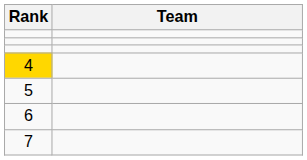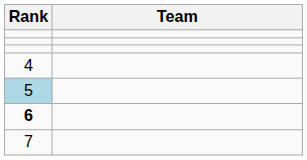 <table class="wikitable" style="text-align: center;">
 <tr>
 <th width=40>Rank</th>
 <th width=240>Team</th>
 </tr>
 <tr>
 <td></td>
 <td align=left></td>
 </tr>
 <tr>
 <td></td>
 <td align=left></td>
 </tr>
 <tr>
 <td></td>
 <td align=left></td>
 </tr>
 <tr>
-<td style="background: gold;">4</td>
+<td>4</td>
 <td align=left></td>
 </tr>
 <tr>
-<td>5</td>
+<td style="background: lightblue;">5</td>
 <td align=left></td>
 </tr>
 <tr>
-<td>6</td>
+<td><strong>6</strong></td>
 <td align=left></td>
 </tr>
 <tr>
 <td>7</td>
 <td align=left></td>
 </tr>
 </table>
